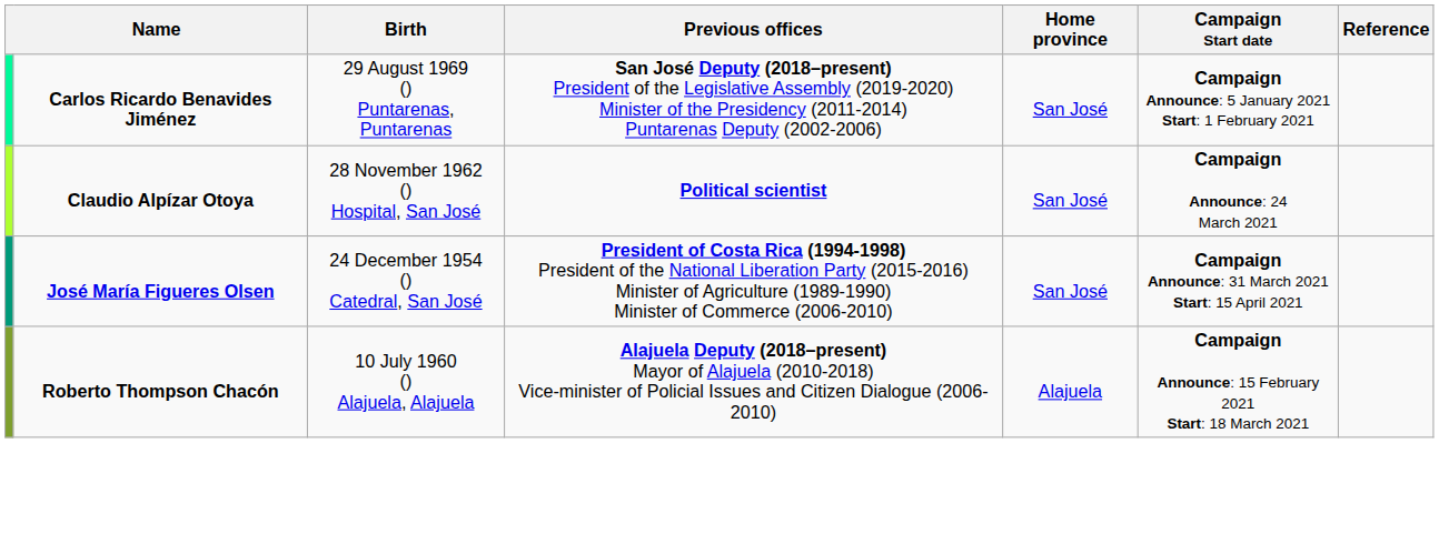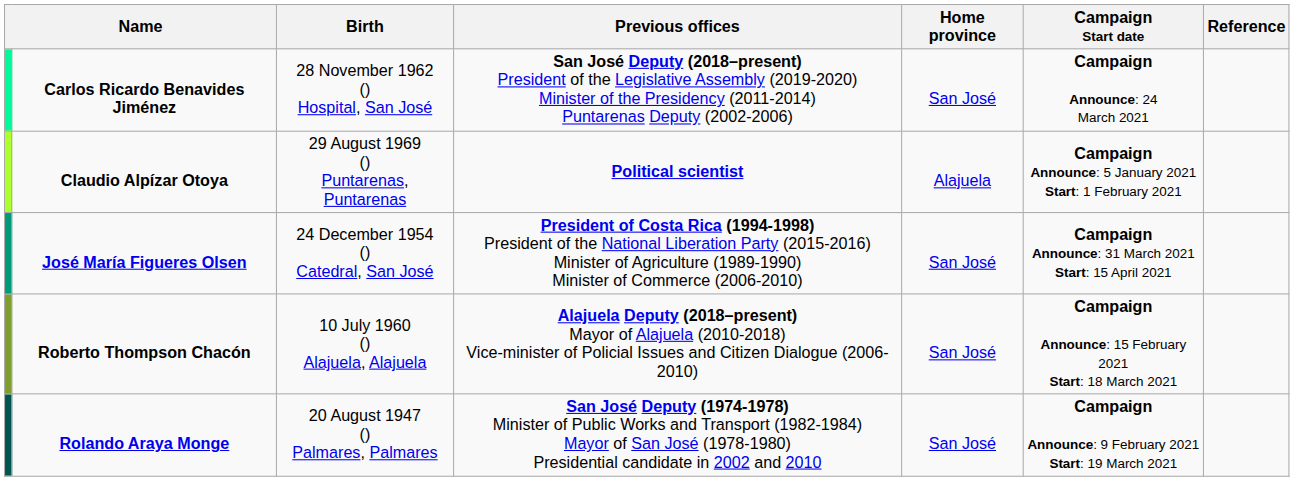 <table class="wikitable sortable" style="text-align:center; font-size: 98%;">
 <tr>
 <th colspan=2 style="width:110px;">Name</th>
 <th>Birth</th>
 <th>Previous offices</th>
 <th>Home province</th>
 <th>Campaign<br><small>Start date</small></th>
 <th>Reference</th>
 </tr>
 <tr>
 <td bgcolor=#00FA9A></td>
 <td><br><strong>Carlos Ricardo Benavides Jiménez</strong></td>
-<td>29 August 1969<br>()<br><a href='#'>Puntarenas</a>, <a href='#'>Puntarenas</a></td>
+<td>28 November 1962<br>()<br><a href='#'>Hospital</a>, <a href='#'>San José</a></td>
 <td><strong>San José <a href='#'>Deputy</a> </strong> <strong>(2018–present)</strong><br><a href='#'>President</a> of the <a href='#'>Legislative Assembly</a> (2019-2020)<br><a href='#'>Minister of the Presidency</a> (2011-2014)<br><a href='#'>Puntarenas</a> <a href='#'>Deputy</a> (2002-2006)</td>
 <td><br><a href='#'>San José</a></td>
-<td><strong>Campaign</strong><br><small><strong>Announce</strong>: 5 January 2021<br><strong>Start</strong>: 1 February 2021</small></td>
+<td><strong>Campaign</strong><br><br><strong><small>Announce</small></strong><small>: 24<br>March 2021</small></td>
 <td></td>
 </tr>
 <tr>
 <td bgcolor=#ADFF2F></td>
 <td><br><strong>Claudio Alpízar Otoya</strong></td>
-<td>28 November 1962<br>()<br><a href='#'>Hospital</a>, <a href='#'>San José</a></td>
+<td>29 August 1969<br>()<br><a href='#'>Puntarenas</a>, <a href='#'>Puntarenas</a></td>
 <td><strong><a href='#'>Political scientist</a></strong></td>
-<td><br><a href='#'>San José</a></td>
-<td><strong>Campaign</strong><br><br><strong><small>Announce</small></strong><small>: 24<br>March 2021</small></td>
+<td><br><a href='#'>Alajuela</a></td>
+<td><strong>Campaign</strong><br><small><strong>Announce</strong>: 5 January 2021<br><strong>Start</strong>: 1 February 2021</small></td>
 <td></td>
 </tr>
 <tr>
 <td bgcolor=#009A79></td>
 <td><br><strong><a href='#'>José María Figueres Olsen</a></strong></td>
 <td>24 December 1954<br>()<br><a href='#'>Catedral</a>, <a href='#'>San José</a></td>
 <td><strong><a href='#'>President of Costa Rica</a> (1994-1998)</strong><br>President of the <a href='#'>National Liberation Party</a> (2015-2016)<br>Minister of Agriculture (1989-1990)<br>Minister of Commerce (2006-2010)</td>
 <td><br><a href='#'>San José</a></td>
 <td><strong>Campaign</strong><br><small><strong>Announce</strong>: 31 March 2021<br><strong>Start</strong>: 15 April 2021</small></td>
 <td></td>
 </tr>
 <tr>
 <td bgcolor=#7E9F2E></td>
 <td><br><strong>Roberto Thompson Chacón</strong></td>
 <td>10 July 1960<br>()<br><a href='#'>Alajuela</a>, <a href='#'>Alajuela</a></td>
 <td><strong><a href='#'>Alajuela</a> <a href='#'>Deputy</a></strong> <strong>(2018–present)</strong><br>Mayor of <a href='#'>Alajuela</a> (2010-2018)<br>Vice-minister of Policial Issues and Citizen Dialogue (2006-2010)</td>
-<td><br><a href='#'>Alajuela</a></td>
+<td><br><a href='#'>San José</a></td>
 <td><strong>Campaign</strong><br> <br><small><strong>Announce</strong>: 15 February 2021<br><strong>Start</strong>: 18 March 2021</small></td>
 <td></td>
 </tr>
+<tr>
+<td bgcolor=#00554E></td>
+<td><br><strong><a href='#'>Rolando Araya Monge</a></strong></td>
+<td>20 August 1947<br>()<br><a href='#'>Palmares</a>, <a href='#'>Palmares</a></td>
+<td><strong><a href='#'>San José</a> <a href='#'>Deputy</a></strong> <strong>(1974-1978)</strong><br>Minister of Public Works and Transport (1982-1984)<br><a href='#'>Mayor</a> of <a href='#'>San José</a> (1978-1980)<br>Presidential candidate in <a href='#'>2002</a> and <a href='#'>2010</a></td>
+<td><br><a href='#'>San José</a></td>
+<td><strong>Campaign</strong><br> <br><small><strong>Announce</strong>: 9 February 2021<br><strong>Start</strong>: 19 March 2021</small></td>
+<td></td>
+</tr>
 </table>
